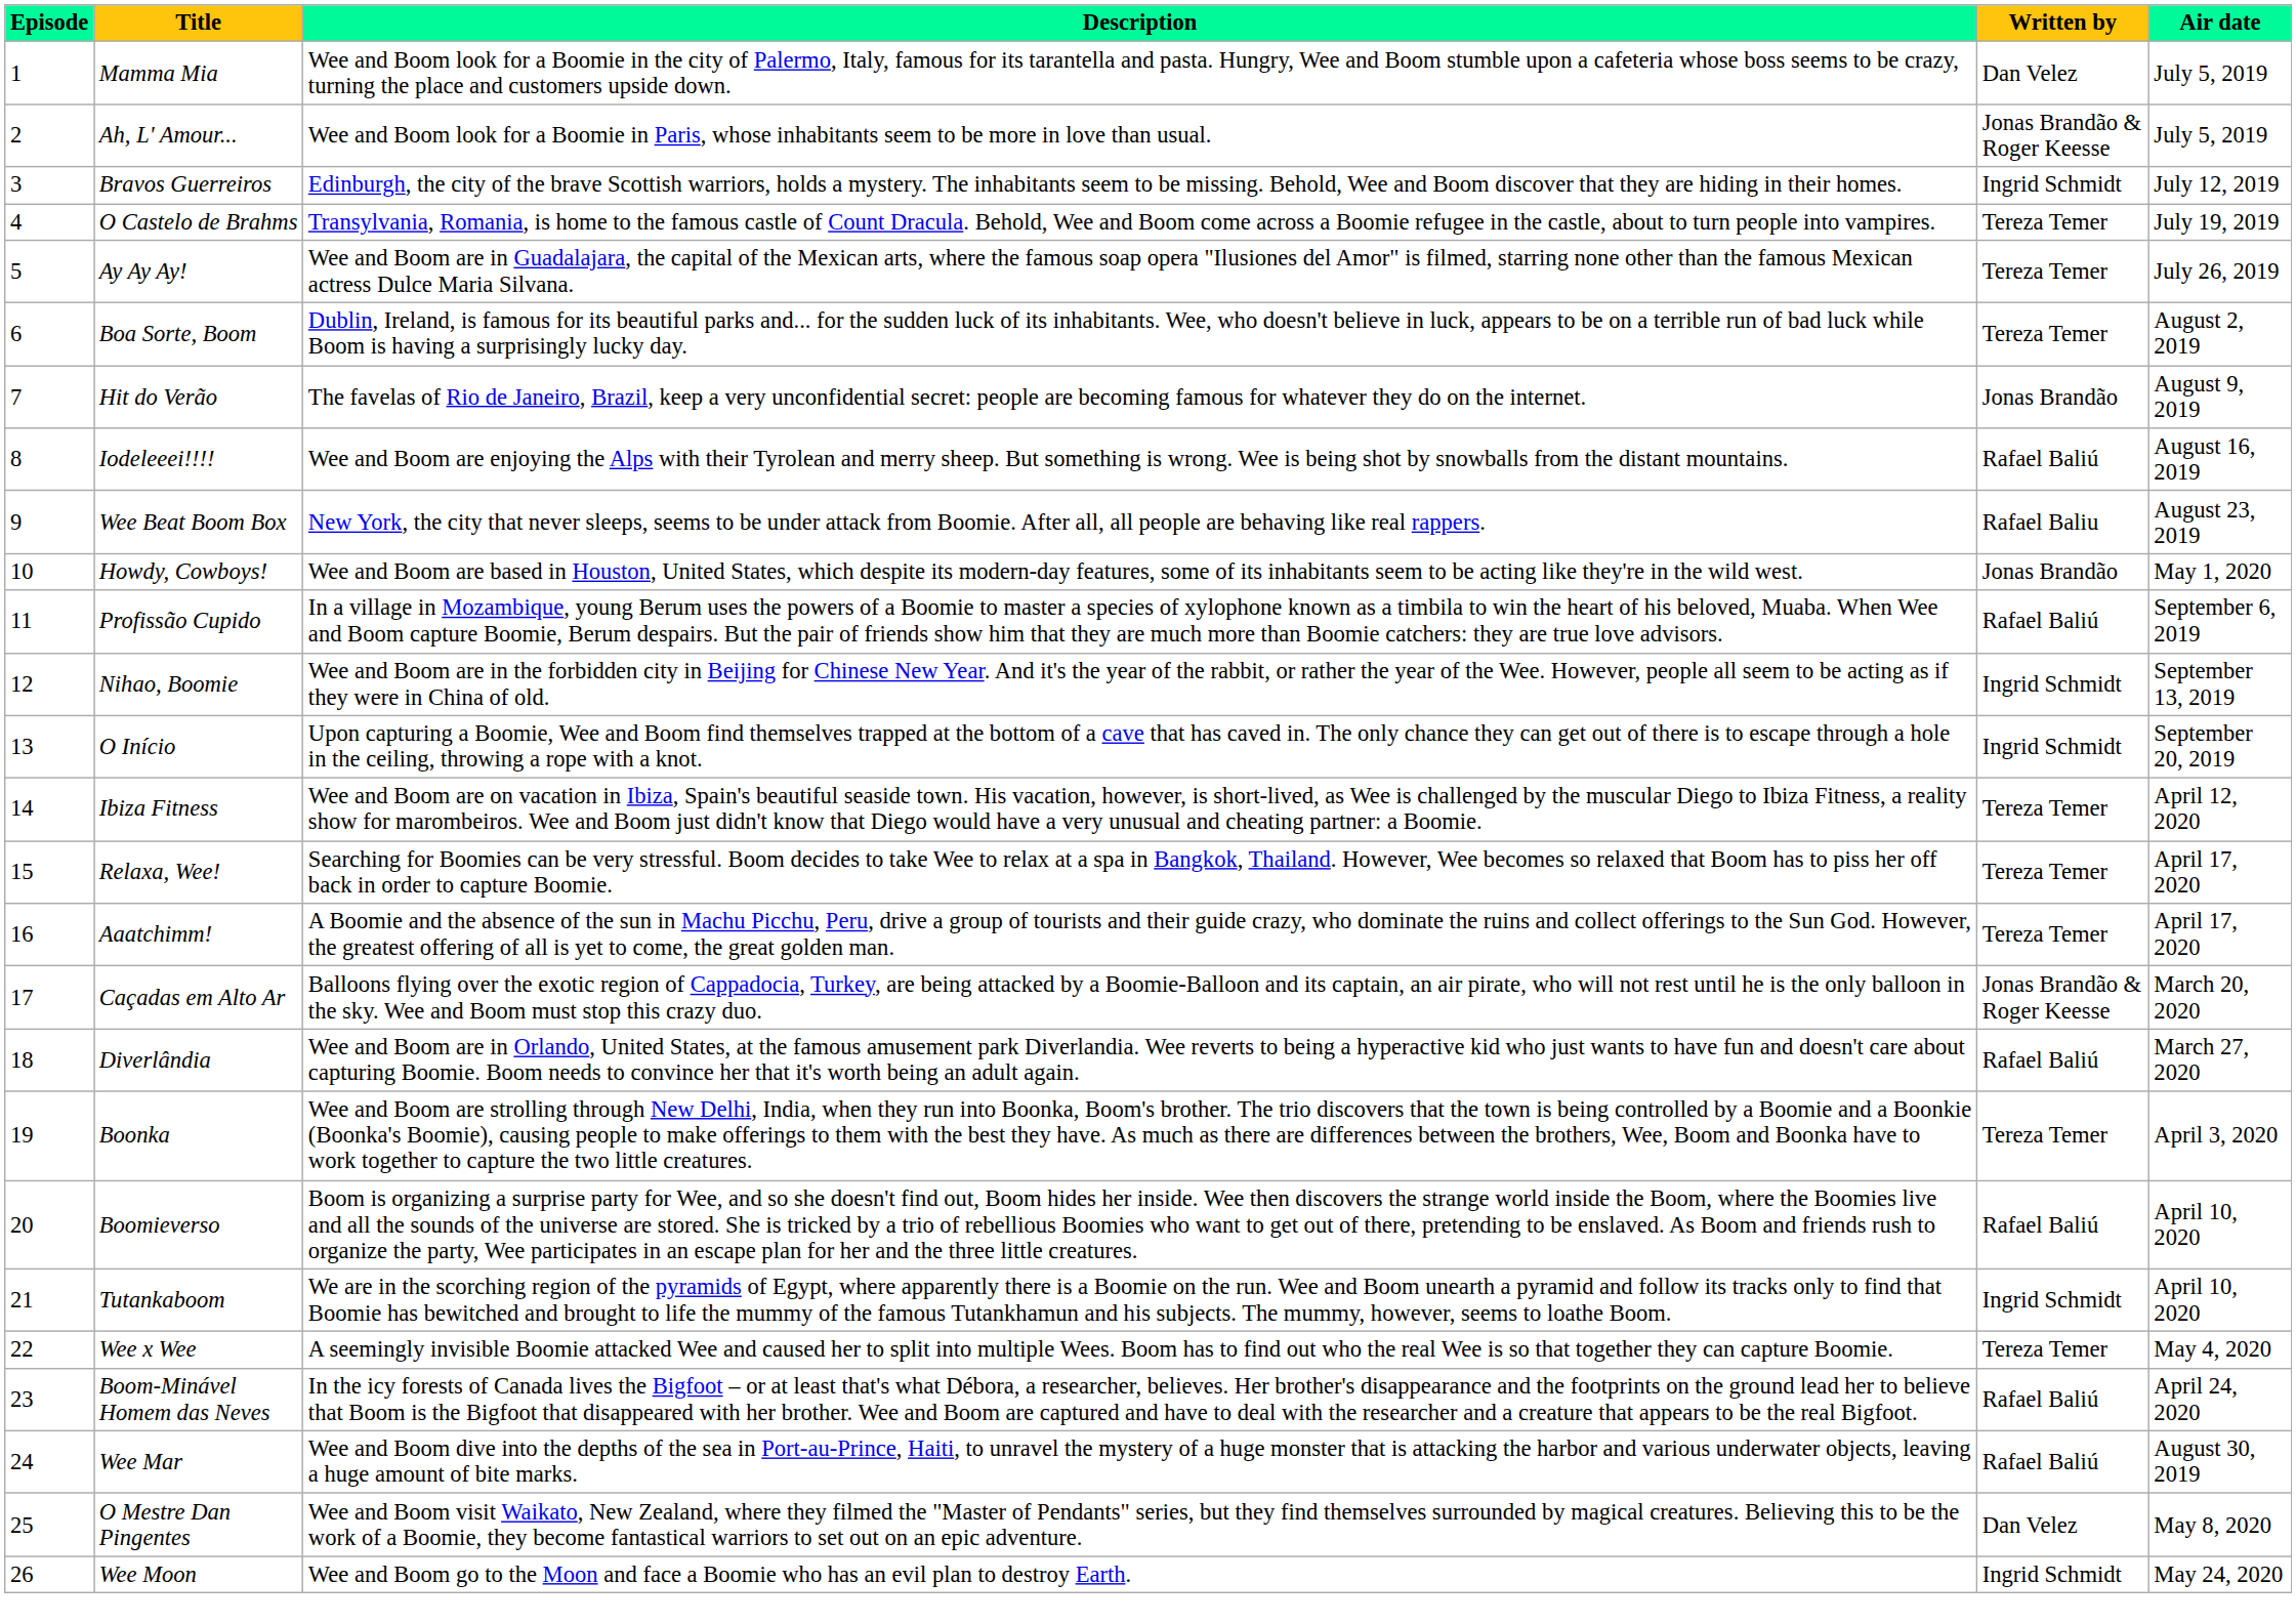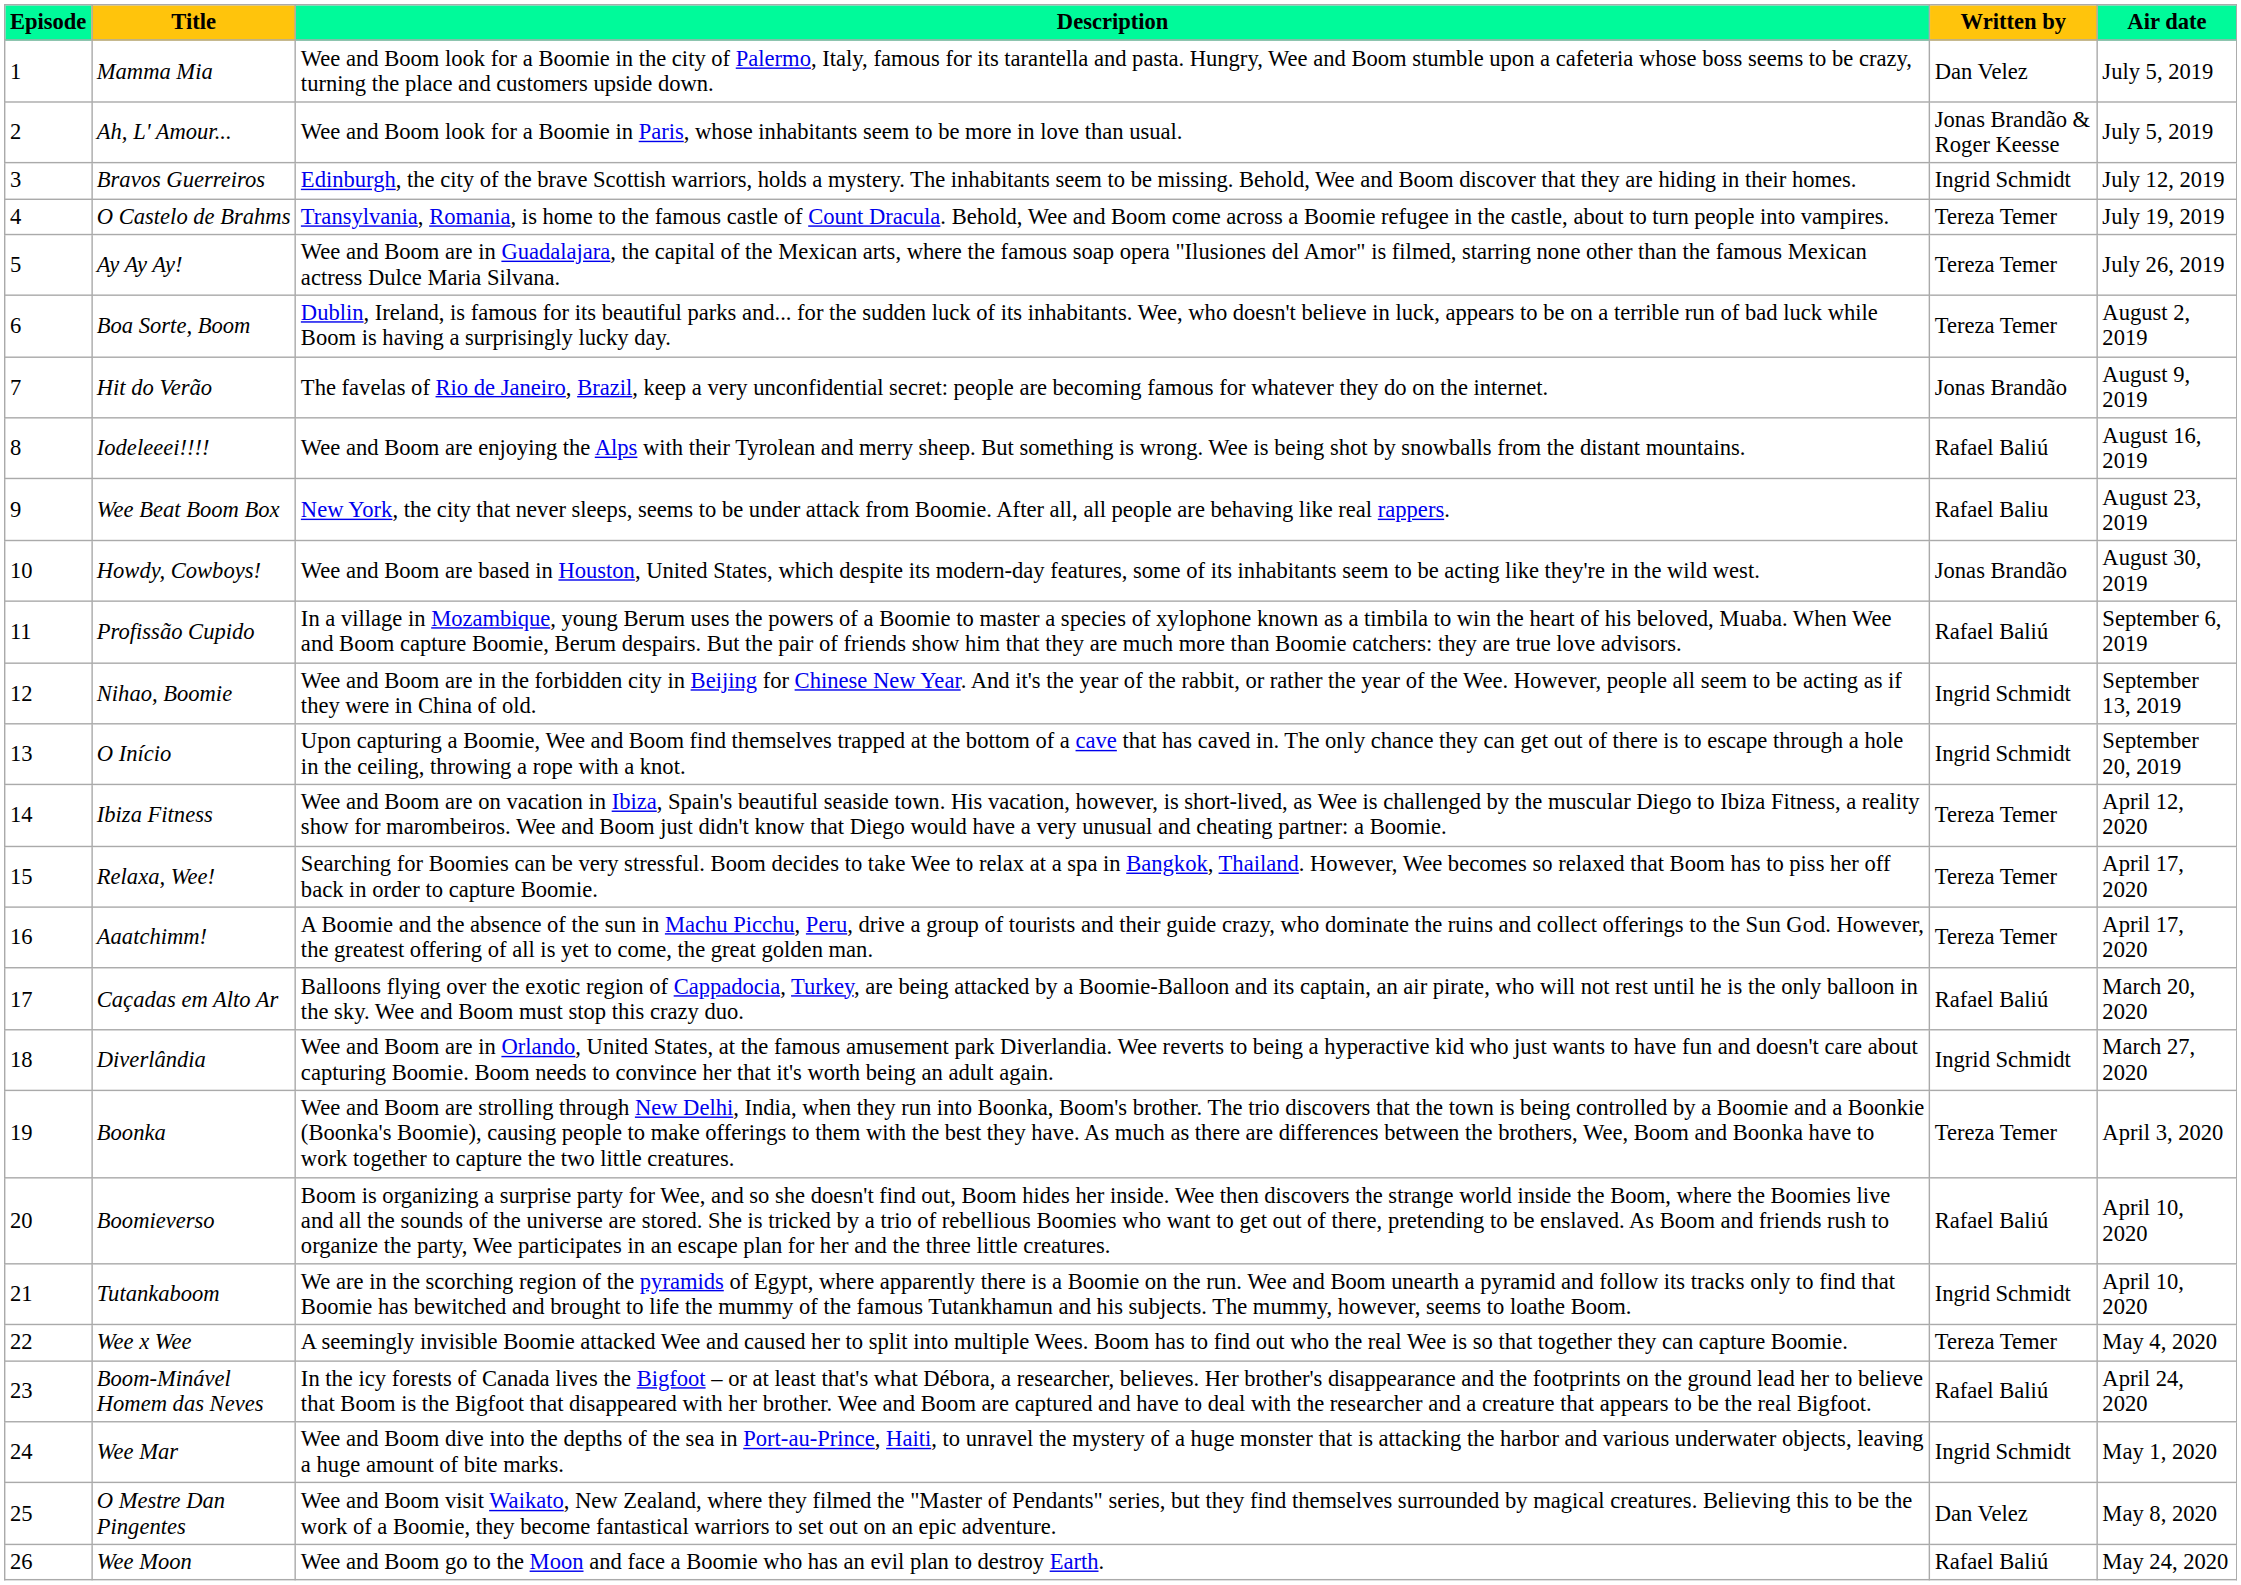 <table class="wikitable sortable plainrowheaders" style="width:100%; margin:auto; background:#fff;">
 <tr>
 <th style="background:#00FA9A; color:#000000;">Episode</th>
 <th style="background:#FFC40C; color:#000000;">Title</th>
 <th style="background:#00FA9A; color:#000000;">Description</th>
 <th style="background:#FFC40C; cor:#000000;">Written by</th>
 <th style="background:#00FA9A; cor:#000000;">Air date</th>
 </tr>
 <tr --->
 <td>1</td>
 <td><em>Mamma Mia</em></td>
 <td>Wee and Boom look for a Boomie in the city of <a href='#'>Palermo</a>, Italy, famous for its tarantella and pasta. Hungry, Wee and Boom stumble upon a cafeteria whose boss seems to be crazy, turning the place and customers upside down.</td>
 <td>Dan Velez</td>
 <td>July 5, 2019</td>
 </tr>
 <tr>
 <td>2</td>
 <td><em>Ah, L' Amour...</em></td>
 <td>Wee and Boom look for a Boomie in <a href='#'>Paris</a>, whose inhabitants seem to be more in love than usual.</td>
 <td>Jonas Brandão & Roger Keesse</td>
 <td>July 5, 2019</td>
 </tr>
 <tr>
 <td>3</td>
 <td><em>Bravos Guerreiros</em></td>
 <td><a href='#'>Edinburgh</a>, the city of the brave Scottish warriors, holds a mystery. The inhabitants seem to be missing. Behold, Wee and Boom discover that they are hiding in their homes.</td>
 <td>Ingrid Schmidt</td>
 <td>July 12, 2019</td>
 </tr>
 <tr>
 <td>4</td>
 <td><em>O Castelo de Brahms</em></td>
 <td><a href='#'>Transylvania</a>, <a href='#'>Romania</a>, is home to the famous castle of <a href='#'>Count Dracula</a>. Behold, Wee and Boom come across a Boomie refugee in the castle, about to turn people into vampires.</td>
 <td>Tereza Temer</td>
 <td>July 19, 2019</td>
 </tr>
 <tr>
 <td>5</td>
 <td><em>Ay Ay Ay!</em></td>
 <td>Wee and Boom are in <a href='#'>Guadalajara</a>, the capital of the Mexican arts, where the famous soap opera "Ilusiones del Amor" is filmed, starring none other than the famous Mexican actress Dulce Maria Silvana.</td>
 <td>Tereza Temer</td>
 <td>July 26, 2019</td>
 </tr>
 <tr>
 <td>6</td>
 <td><em>Boa Sorte, Boom</em></td>
 <td><a href='#'>Dublin</a>, Ireland, is famous for its beautiful parks and... for the sudden luck of its inhabitants. Wee, who doesn't believe in luck, appears to be on a terrible run of bad luck while Boom is having a surprisingly lucky day.</td>
 <td>Tereza Temer</td>
 <td>August 2, 2019</td>
 </tr>
 <tr>
 <td>7</td>
 <td><em>Hit do Verão</em></td>
 <td>The favelas of <a href='#'>Rio de Janeiro</a>, <a href='#'>Brazil</a>, keep a very unconfidential secret: people are becoming famous for whatever they do on the internet.</td>
 <td>Jonas Brandão</td>
 <td>August 9, 2019</td>
 </tr>
 <tr>
 <td>8</td>
 <td><em>Iodeleeei!!!!</em></td>
 <td>Wee and Boom are enjoying the <a href='#'>Alps</a> with their Tyrolean and merry sheep. But something is wrong. Wee is being shot by snowballs from the distant mountains.</td>
 <td>Rafael Baliú</td>
 <td>August 16, 2019</td>
 </tr>
 <tr>
 <td>9</td>
 <td><em>Wee Beat Boom Box</em></td>
 <td><a href='#'>New York</a>, the city that never sleeps, seems to be under attack from Boomie. After all, all people are behaving like real <a href='#'>rappers</a>.</td>
 <td>Rafael Baliu</td>
 <td>August 23, 2019</td>
 </tr>
 <tr>
 <td>10</td>
 <td><em>Howdy, Cowboys!</em></td>
 <td>Wee and Boom are based in <a href='#'>Houston</a>, United States, which despite its modern-day features, some of its inhabitants seem to be acting like they're in the wild west.</td>
 <td>Jonas Brandão</td>
-<td>May 1, 2020</td>
+<td>August 30, 2019</td>
 </tr>
 <tr>
 <td>11</td>
 <td><em>Profissão Cupido</em></td>
 <td>In a village in <a href='#'>Mozambique</a>, young Berum uses the powers of a Boomie to master a species of xylophone known as a timbila to win the heart of his beloved, Muaba. When Wee and Boom capture Boomie, Berum despairs. But the pair of friends show him that they are much more than Boomie catchers: they are true love advisors.</td>
 <td>Rafael Baliú</td>
 <td>September 6, 2019</td>
 </tr>
 <tr>
 <td>12</td>
 <td><em>Nihao, Boomie</em></td>
 <td>Wee and Boom are in the forbidden city in <a href='#'>Beijing</a> for <a href='#'>Chinese New Year</a>. And it's the year of the rabbit, or rather the year of the Wee. However, people all seem to be acting as if they were in China of old.</td>
 <td>Ingrid Schmidt</td>
 <td>September 13, 2019</td>
 </tr>
 <tr>
 <td>13</td>
 <td><em>O Início</em></td>
 <td>Upon capturing a Boomie, Wee and Boom find themselves trapped at the bottom of a <a href='#'>cave</a> that has caved in. The only chance they can get out of there is to escape through a hole in the ceiling, throwing a rope with a knot.</td>
 <td>Ingrid Schmidt</td>
 <td>September 20, 2019</td>
 </tr>
 <tr>
 <td>14</td>
 <td><em>Ibiza Fitness</em></td>
 <td>Wee and Boom are on vacation in <a href='#'>Ibiza</a>, Spain's beautiful seaside town. His vacation, however, is short-lived, as Wee is challenged by the muscular Diego to Ibiza Fitness, a reality show for marombeiros. Wee and Boom just didn't know that Diego would have a very unusual and cheating partner: a Boomie.</td>
 <td>Tereza Temer</td>
 <td>April 12, 2020</td>
 </tr>
 <tr>
 <td>15</td>
 <td><em>Relaxa, Wee!</em></td>
 <td>Searching for Boomies can be very stressful. Boom decides to take Wee to relax at a spa in <a href='#'>Bangkok</a>, <a href='#'>Thailand</a>. However, Wee becomes so relaxed that Boom has to piss her off back in order to capture Boomie.</td>
 <td>Tereza Temer</td>
 <td>April 17, 2020</td>
 </tr>
 <tr>
 <td>16</td>
 <td><em>Aaatchimm!</em></td>
 <td>A Boomie and the absence of the sun in <a href='#'>Machu Picchu</a>, <a href='#'>Peru</a>, drive a group of tourists and their guide crazy, who dominate the ruins and collect offerings to the Sun God. However, the greatest offering of all is yet to come, the great golden man.</td>
 <td>Tereza Temer</td>
 <td>April 17, 2020</td>
 </tr>
 <tr>
 <td>17</td>
 <td><em>Caçadas em Alto Ar</em></td>
 <td>Balloons flying over the exotic region of <a href='#'>Cappadocia</a>, <a href='#'>Turkey</a>, are being attacked by a Boomie-Balloon and its captain, an air pirate, who will not rest until he is the only balloon in the sky. Wee and Boom must stop this crazy duo.</td>
-<td>Jonas Brandão & Roger Keesse</td>
+<td>Rafael Baliú</td>
 <td>March 20, 2020</td>
 </tr>
 <tr>
 <td>18</td>
 <td><em>Diverlândia</em></td>
 <td>Wee and Boom are in <a href='#'>Orlando</a>, United States, at the famous amusement park Diverlandia. Wee reverts to being a hyperactive kid who just wants to have fun and doesn't care about capturing Boomie. Boom needs to convince her that it's worth being an adult again.</td>
-<td>Rafael Baliú</td>
+<td>Ingrid Schmidt</td>
 <td>March 27, 2020</td>
 </tr>
 <tr>
 <td>19</td>
 <td><em>Boonka</em></td>
 <td>Wee and Boom are strolling through <a href='#'>New Delhi</a>, India, when they run into Boonka, Boom's brother. The trio discovers that the town is being controlled by a Boomie and a Boonkie (Boonka's Boomie), causing people to make offerings to them with the best they have. As much as there are differences between the brothers, Wee, Boom and Boonka have to work together to capture the two little creatures.</td>
 <td>Tereza Temer</td>
 <td>April 3, 2020</td>
 </tr>
 <tr>
 <td>20</td>
 <td><em>Boomieverso</em></td>
 <td>Boom is organizing a surprise party for Wee, and so she doesn't find out, Boom hides her inside. Wee then discovers the strange world inside the Boom, where the Boomies live and all the sounds of the universe are stored. She is tricked by a trio of rebellious Boomies who want to get out of there, pretending to be enslaved. As Boom and friends rush to organize the party, Wee participates in an escape plan for her and the three little creatures.</td>
 <td>Rafael Baliú</td>
 <td>April 10, 2020</td>
 </tr>
 <tr>
 <td>21</td>
 <td><em>Tutankaboom</em></td>
 <td>We are in the scorching region of the <a href='#'>pyramids</a> of Egypt, where apparently there is a Boomie on the run. Wee and Boom unearth a pyramid and follow its tracks only to find that Boomie has bewitched and brought to life the mummy of the famous Tutankhamun and his subjects. The mummy, however, seems to loathe Boom.</td>
 <td>Ingrid Schmidt</td>
 <td>April 10, 2020</td>
 </tr>
 <tr>
 <td>22</td>
 <td><em>Wee x Wee</em></td>
 <td>A seemingly invisible Boomie attacked Wee and caused her to split into multiple Wees. Boom has to find out who the real Wee is so that together they can capture Boomie.</td>
 <td>Tereza Temer</td>
 <td>May 4, 2020</td>
 </tr>
 <tr>
 <td>23</td>
 <td><em>Boom-Minável Homem das Neves</em></td>
 <td>In the icy forests of Canada lives the <a href='#'>Bigfoot</a> – or at least that's what Débora, a researcher, believes. Her brother's disappearance and the footprints on the ground lead her to believe that Boom is the Bigfoot that disappeared with her brother. Wee and Boom are captured and have to deal with the researcher and a creature that appears to be the real Bigfoot.</td>
 <td>Rafael Baliú</td>
 <td>April 24, 2020</td>
 </tr>
 <tr>
 <td>24</td>
 <td><em>Wee Mar</em></td>
 <td>Wee and Boom dive into the depths of the sea in <a href='#'>Port-au-Prince</a>, <a href='#'>Haiti</a>, to unravel the mystery of a huge monster that is attacking the harbor and various underwater objects, leaving a huge amount of bite marks.</td>
-<td>Rafael Baliú</td>
-<td>August 30, 2019</td>
+<td>Ingrid Schmidt</td>
+<td>May 1, 2020</td>
 </tr>
 <tr>
 <td>25</td>
 <td><em>O Mestre Dan Pingentes</em></td>
 <td>Wee and Boom visit <a href='#'>Waikato</a>, New Zealand, where they filmed the "Master of Pendants" series, but they find themselves surrounded by magical creatures. Believing this to be the work of a Boomie, they become fantastical warriors to set out on an epic adventure.</td>
 <td>Dan Velez</td>
 <td>May 8, 2020</td>
 </tr>
 <tr>
 <td>26</td>
 <td><em>Wee Moon</em></td>
 <td>Wee and Boom go to the <a href='#'>Moon</a> and face a Boomie who has an evil plan to destroy <a href='#'>Earth</a>.</td>
-<td>Ingrid Schmidt</td>
+<td>Rafael Baliú</td>
 <td>May 24, 2020</td>
 </tr>
 </table>
